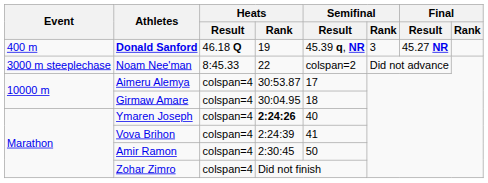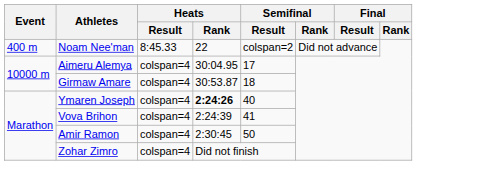 <table class="wikitable" border="1" style="font-size:90%">
 <tr>
 <th rowspan=2>Event</th>
 <th rowspan=2>Athletes</th>
 <th colspan=2>Heats</th>
 <th colspan=2>Semifinal</th>
 <th colspan=2>Final</th>
 </tr>
 <tr>
 <th>Result</th>
 <th>Rank</th>
 <th>Result</th>
 <th>Rank</th>
 <th>Result</th>
 <th>Rank</th>
 </tr>
 <tr>
 <td><a href='#'>400 m</a></td>
-<td><strong><a href='#'>Donald Sanford</a></strong></td>
-<td>46.18 <strong>Q</strong></td>
-<td>19</td>
-<td>45.39 <strong>q</strong>, <a href='#'><strong>NR</strong></a></td>
-<td>3</td>
-<td>45.27 <strong><a href='#'>NR</a></strong></td>
-<td></td>
-</tr>
-<tr>
-<td><a href='#'>3000 m steeplechase</a></td>
 <td><a href='#'>Noam Nee'man</a></td>
 <td>8:45.33</td>
 <td>22</td>
 <td>colspan=2 </td>
 <td colspan="2">Did not advance</td>
 </tr>
 <tr>
 <td rowspan=2><a href='#'>10000 m</a></td>
 <td><a href='#'>Aimeru Alemya</a></td>
 <td>colspan=4 </td>
-<td>30:53.87</td>
+<td>30:04.95</td>
 <td>17</td>
 </tr>
 <tr>
 <td><a href='#'>Girmaw Amare</a></td>
 <td>colspan=4 </td>
-<td>30:04.95</td>
+<td>30:53.87</td>
 <td>18</td>
 </tr>
 <tr>
 <td rowspan=4><a href='#'>Marathon</a></td>
 <td><a href='#'>Ymaren Joseph</a></td>
 <td>colspan=4 </td>
 <td><strong>2:24:26</strong></td>
 <td>40</td>
 </tr>
 <tr>
 <td><a href='#'>Vova Brihon</a></td>
 <td>colspan=4 </td>
 <td>2:24:39</td>
 <td>41</td>
 </tr>
 <tr>
 <td><a href='#'>Amir Ramon</a></td>
 <td>colspan=4 </td>
 <td>2:30:45</td>
 <td>50</td>
 </tr>
 <tr>
 <td><a href='#'>Zohar Zimro</a></td>
 <td>colspan=4 </td>
 <td colspan="2">Did not finish</td>
 </tr>
 </table>
